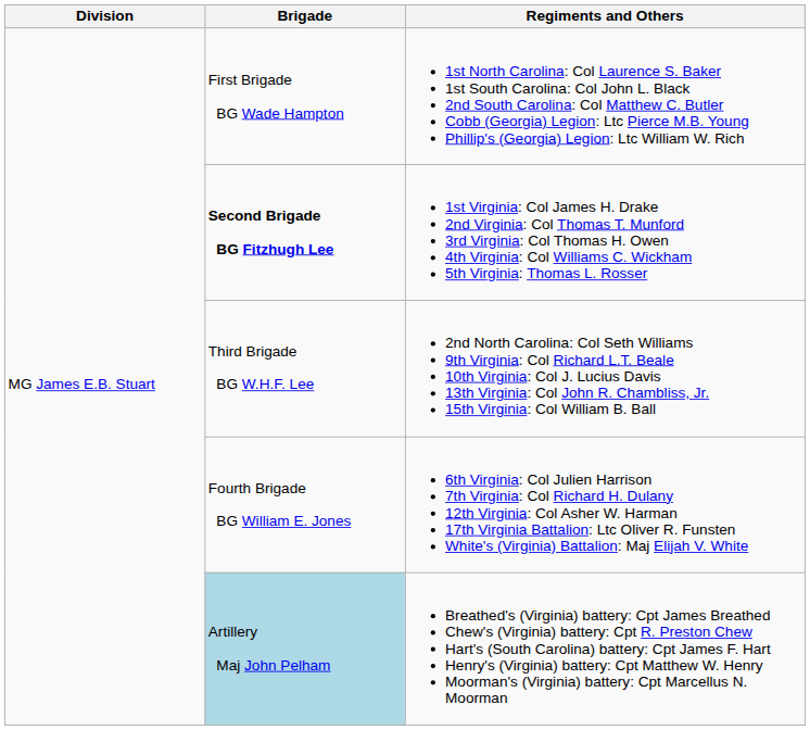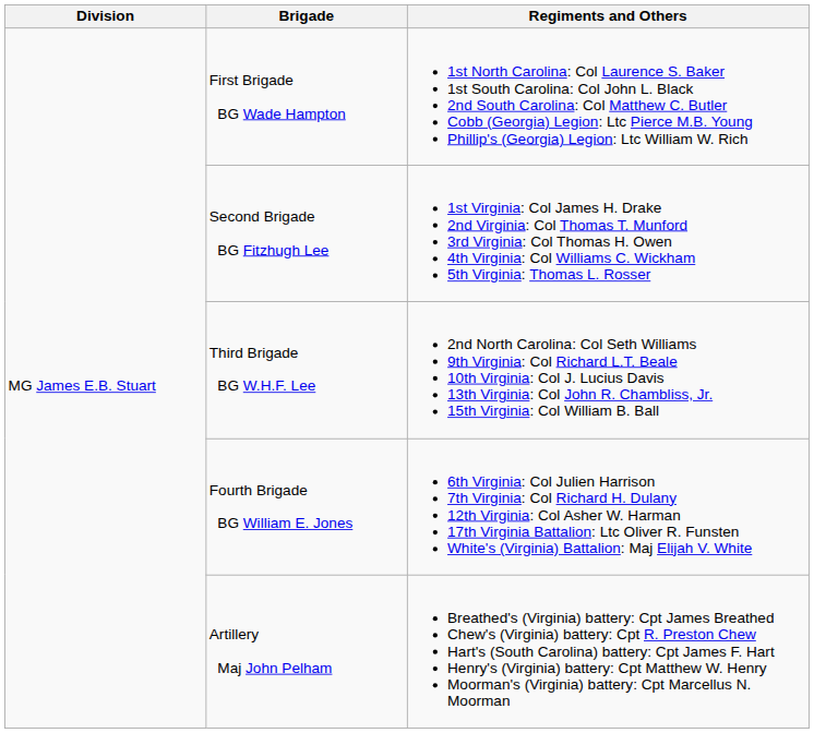 <table class="wikitable">
 <tr>
 <th width=25%>Division</th>
 <th width=25%>Brigade</th>
 <th>Regiments and Others</th>
 </tr>
 <tr>
 <td rowspan=5><br>MG <a href='#'>James E.B. Stuart</a></td>
 <td>First Brigade<br><br>  BG <a href='#'>Wade Hampton</a></td>
 <td><br><ul><li><a href='#'>1st North Carolina</a>: Col <a href='#'>Laurence S. Baker</a></li><li>1st South Carolina: Col John L. Black</li><li><a href='#'>2nd South Carolina</a>: Col <a href='#'>Matthew C. Butler</a></li><li><a href='#'>Cobb (Georgia) Legion</a>: Ltc <a href='#'>Pierce M.B. Young</a></li><li><a href='#'>Phillip's (Georgia) Legion</a>: Ltc William W. Rich</li></ul></td>
 </tr>
 <tr>
-<td><strong>Second Brigade<br><br>  BG <a href='#'>Fitzhugh Lee</a></strong></td>
+<td>Second Brigade<br><br>  BG <a href='#'>Fitzhugh Lee</a></td>
 <td><br><ul><li><a href='#'>1st Virginia</a>: Col James H. Drake</li><li><a href='#'>2nd Virginia</a>: Col <a href='#'>Thomas T. Munford</a></li><li><a href='#'>3rd Virginia</a>: Col Thomas H. Owen</li><li><a href='#'>4th Virginia</a>: Col <a href='#'>Williams C. Wickham</a></li><li><a href='#'>5th Virginia</a>: <a href='#'>Thomas L. Rosser</a></li></ul></td>
 </tr>
 <tr>
 <td>Third Brigade<br><br>  BG <a href='#'>W.H.F. Lee</a></td>
 <td><br><ul><li>2nd North Carolina: Col Seth Williams</li><li><a href='#'>9th Virginia</a>: Col <a href='#'>Richard L.T. Beale</a></li><li><a href='#'>10th Virginia</a>: Col J. Lucius Davis</li><li><a href='#'>13th Virginia</a>: Col <a href='#'>John R. Chambliss, Jr.</a></li><li><a href='#'>15th Virginia</a>: Col William B. Ball</li></ul></td>
 </tr>
 <tr>
 <td>Fourth Brigade<br><br>  BG <a href='#'>William E. Jones</a></td>
 <td><br><ul><li><a href='#'>6th Virginia</a>: Col Julien Harrison</li><li><a href='#'>7th Virginia</a>: Col <a href='#'>Richard H. Dulany</a></li><li><a href='#'>12th Virginia</a>: Col Asher W. Harman</li><li><a href='#'>17th Virginia Battalion</a>: Ltc Oliver R. Funsten</li><li><a href='#'>White's (Virginia) Battalion</a>: Maj <a href='#'>Elijah V. White</a></li></ul></td>
 </tr>
 <tr>
-<td style="background: lightblue;">Artillery<br><br>  Maj <a href='#'>John Pelham</a></td>
+<td>Artillery<br><br>  Maj <a href='#'>John Pelham</a></td>
 <td><br><ul><li>Breathed's (Virginia) battery: Cpt James Breathed</li><li>Chew's (Virginia) battery: Cpt <a href='#'>R. Preston Chew</a></li><li>Hart's (South Carolina) battery: Cpt James F. Hart</li><li>Henry's (Virginia) battery: Cpt Matthew W. Henry</li><li>Moorman's (Virginia) battery: Cpt Marcellus N. Moorman</li></ul></td>
 </tr>
 </table>
